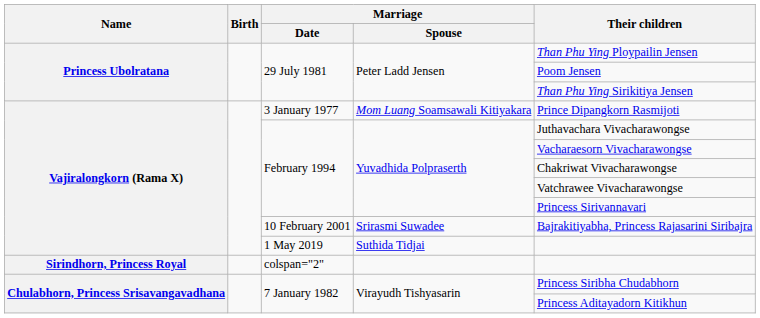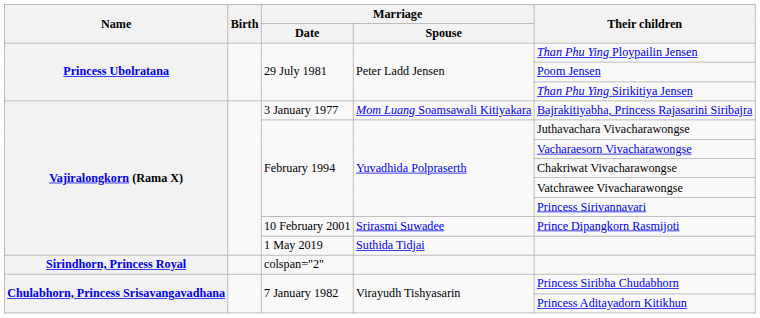 <table class="wikitable plainrowheaders">
 <tr>
 <th rowspan="2" scope="col">Name</th>
 <th rowspan="2" scope="col">Birth</th>
 <th colspan="2" scope="col">Marriage</th>
 <th rowspan="2" scope="col">Their children</th>
 </tr>
 <tr>
 <th scope="col">Date</th>
 <th scope="col">Spouse</th>
 </tr>
 <tr>
 <th rowspan="3" scope="row"><a href='#'>Princess Ubolratana</a></th>
 <td rowspan="3"></td>
 <td rowspan="3">29 July 1981<br></td>
 <td rowspan="3">Peter Ladd Jensen</td>
 <td><a href='#'><em>Than Phu Ying</em> Ploypailin Jensen</a></td>
 </tr>
 <tr>
 <td><a href='#'>Poom Jensen</a></td>
 </tr>
 <tr>
 <td><a href='#'><em>Than Phu Ying</em> Sirikitiya Jensen</a></td>
 </tr>
 <tr>
 <th rowspan="8" scope="row"><a href='#'>Vajiralongkorn</a> (Rama X)</th>
 <td rowspan="8"></td>
 <td>3 January 1977<br></td>
 <td><a href='#'><em>Mom Luang</em> Soamsawali Kitiyakara</a></td>
-<td><a href='#'>Prince Dipangkorn Rasmijoti</a></td>
+<td><a href='#'>Bajrakitiyabha, Princess Rajasarini Siribajra</a></td>
 </tr>
 <tr>
 <td rowspan="5">February 1994<br></td>
 <td rowspan="5"><a href='#'>Yuvadhida Polpraserth</a></td>
 <td>Juthavachara Vivacharawongse</td>
 </tr>
 <tr>
 <td><a href='#'>Vacharaesorn Vivacharawongse</a></td>
 </tr>
 <tr>
 <td>Chakriwat Vivacharawongse</td>
 </tr>
 <tr>
 <td>Vatchrawee Vivacharawongse</td>
 </tr>
 <tr>
 <td><a href='#'>Princess Sirivannavari</a></td>
 </tr>
 <tr>
 <td>10 February 2001<br></td>
 <td><a href='#'>Srirasmi Suwadee</a></td>
-<td><a href='#'>Bajrakitiyabha, Princess Rajasarini Siribajra</a></td>
+<td><a href='#'>Prince Dipangkorn Rasmijoti</a></td>
 </tr>
 <tr>
 <td>1 May 2019</td>
 <td><a href='#'>Suthida Tidjai</a></td>
 <td></td>
 </tr>
 <tr>
 <th scope="row"><a href='#'>Sirindhorn, Princess Royal</a></th>
 <td></td>
 <td>colspan="2" </td>
 <td></td>
 </tr>
 <tr>
 <th rowspan="2" scope="row"><a href='#'>Chulabhorn, Princess Srisavangavadhana</a></th>
 <td rowspan="2"></td>
 <td rowspan="2">7 January 1982<br></td>
 <td rowspan="2">Virayudh Tishyasarin</td>
 <td><a href='#'>Princess Siribha Chudabhorn</a></td>
 </tr>
 <tr>
 <td><a href='#'>Princess Aditayadorn Kitikhun</a></td>
 </tr>
 </table>
